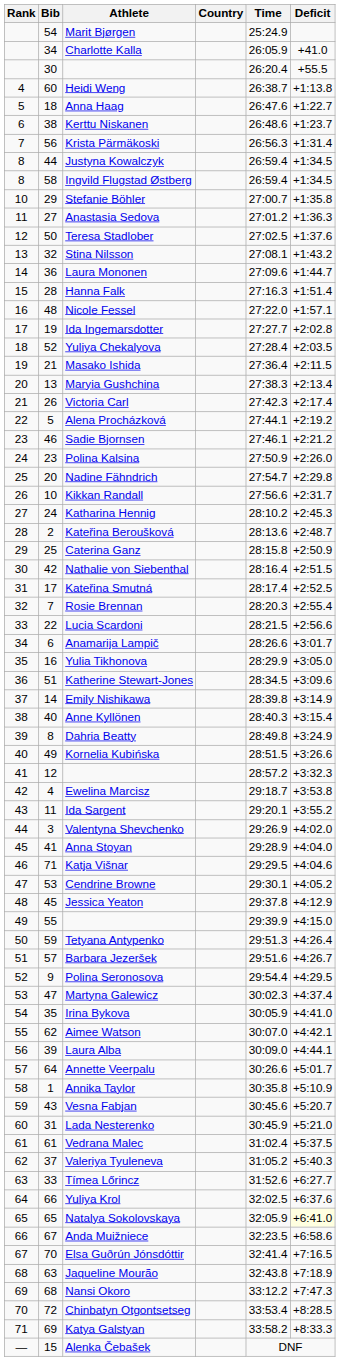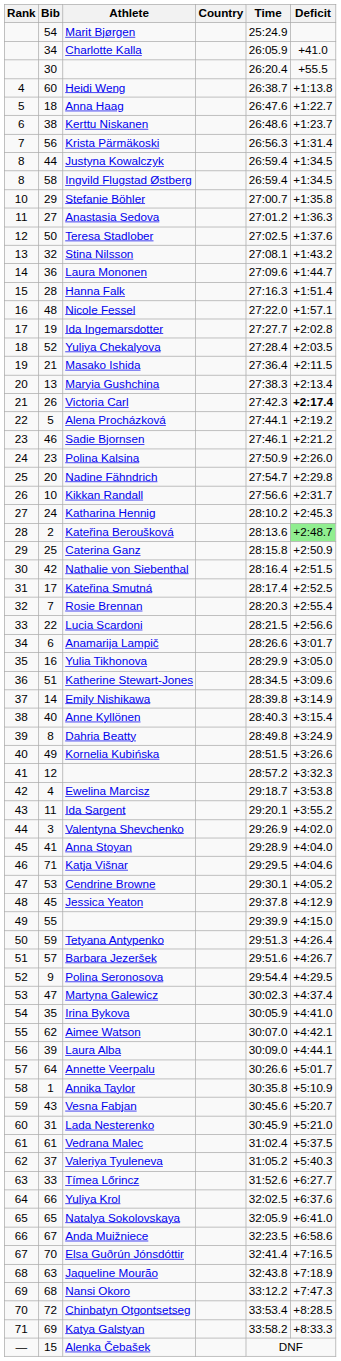 <table class="wikitable sortable" style="text-align:center">
 <tr>
 <th>Rank</th>
 <th>Bib</th>
 <th>Athlete</th>
 <th>Country</th>
 <th>Time</th>
 <th>Deficit</th>
 </tr>
 <tr>
 <td></td>
 <td>54</td>
 <td align=left><a href='#'>Marit Bjørgen</a></td>
 <td align=left></td>
 <td>25:24.9</td>
 <td></td>
 </tr>
 <tr>
 <td></td>
 <td>34</td>
 <td align=left><a href='#'>Charlotte Kalla</a></td>
 <td align=left></td>
 <td>26:05.9</td>
 <td>+41.0</td>
 </tr>
 <tr>
 <td></td>
 <td>30</td>
 <td align=left></td>
 <td align=left></td>
 <td>26:20.4</td>
 <td>+55.5</td>
 </tr>
 <tr>
 <td>4</td>
 <td>60</td>
 <td align=left><a href='#'>Heidi Weng</a></td>
 <td align=left></td>
 <td>26:38.7</td>
 <td>+1:13.8</td>
 </tr>
 <tr>
 <td>5</td>
 <td>18</td>
 <td align=left><a href='#'>Anna Haag</a></td>
 <td align=left></td>
 <td>26:47.6</td>
 <td>+1:22.7</td>
 </tr>
 <tr>
 <td>6</td>
 <td>38</td>
 <td align=left><a href='#'>Kerttu Niskanen</a></td>
 <td align=left></td>
 <td>26:48.6</td>
 <td>+1:23.7</td>
 </tr>
 <tr>
 <td>7</td>
 <td>56</td>
 <td align=left><a href='#'>Krista Pärmäkoski</a></td>
 <td align=left></td>
 <td>26:56.3</td>
 <td>+1:31.4</td>
 </tr>
 <tr>
 <td>8</td>
 <td>44</td>
 <td align=left><a href='#'>Justyna Kowalczyk</a></td>
 <td align=left></td>
 <td>26:59.4</td>
 <td>+1:34.5</td>
 </tr>
 <tr>
 <td>8</td>
 <td>58</td>
 <td align=left><a href='#'>Ingvild Flugstad Østberg</a></td>
 <td align=left></td>
 <td>26:59.4</td>
 <td>+1:34.5</td>
 </tr>
 <tr>
 <td>10</td>
 <td>29</td>
 <td align=left><a href='#'>Stefanie Böhler</a></td>
 <td align=left></td>
 <td>27:00.7</td>
 <td>+1:35.8</td>
 </tr>
 <tr>
 <td>11</td>
 <td>27</td>
 <td align=left><a href='#'>Anastasia Sedova</a></td>
 <td align=left></td>
 <td>27:01.2</td>
 <td>+1:36.3</td>
 </tr>
 <tr>
 <td>12</td>
 <td>50</td>
 <td align=left><a href='#'>Teresa Stadlober</a></td>
 <td align=left></td>
 <td>27:02.5</td>
 <td>+1:37.6</td>
 </tr>
 <tr>
 <td>13</td>
 <td>32</td>
 <td align=left><a href='#'>Stina Nilsson</a></td>
 <td align=left></td>
 <td>27:08.1</td>
 <td>+1:43.2</td>
 </tr>
 <tr>
 <td>14</td>
 <td>36</td>
 <td align=left><a href='#'>Laura Mononen</a></td>
 <td align=left></td>
 <td>27:09.6</td>
 <td>+1:44.7</td>
 </tr>
 <tr>
 <td>15</td>
 <td>28</td>
 <td align=left><a href='#'>Hanna Falk</a></td>
 <td align=left></td>
 <td>27:16.3</td>
 <td>+1:51.4</td>
 </tr>
 <tr>
 <td>16</td>
 <td>48</td>
 <td align=left><a href='#'>Nicole Fessel</a></td>
 <td align=left></td>
 <td>27:22.0</td>
 <td>+1:57.1</td>
 </tr>
 <tr>
 <td>17</td>
 <td>19</td>
 <td align=left><a href='#'>Ida Ingemarsdotter</a></td>
 <td align=left></td>
 <td>27:27.7</td>
 <td>+2:02.8</td>
 </tr>
 <tr>
 <td>18</td>
 <td>52</td>
 <td align=left><a href='#'>Yuliya Chekalyova</a></td>
 <td align=left></td>
 <td>27:28.4</td>
 <td>+2:03.5</td>
 </tr>
 <tr>
 <td>19</td>
 <td>21</td>
 <td align=left><a href='#'>Masako Ishida</a></td>
 <td align=left></td>
 <td>27:36.4</td>
 <td>+2:11.5</td>
 </tr>
 <tr>
 <td>20</td>
 <td>13</td>
 <td align=left><a href='#'>Maryia Gushchina</a></td>
 <td align=left></td>
 <td>27:38.3</td>
 <td>+2:13.4</td>
 </tr>
 <tr>
 <td>21</td>
 <td>26</td>
 <td align=left><a href='#'>Victoria Carl</a></td>
 <td align=left></td>
 <td>27:42.3</td>
-<td>+2:17.4</td>
+<td><strong>+2:17.4</strong></td>
 </tr>
 <tr>
 <td>22</td>
 <td>5</td>
 <td align=left><a href='#'>Alena Procházková</a></td>
 <td align=left></td>
 <td>27:44.1</td>
 <td>+2:19.2</td>
 </tr>
 <tr>
 <td>23</td>
 <td>46</td>
 <td align=left><a href='#'>Sadie Bjornsen</a></td>
 <td align=left></td>
 <td>27:46.1</td>
 <td>+2:21.2</td>
 </tr>
 <tr>
 <td>24</td>
 <td>23</td>
 <td align=left><a href='#'>Polina Kalsina</a></td>
 <td align=left></td>
 <td>27:50.9</td>
 <td>+2:26.0</td>
 </tr>
 <tr>
 <td>25</td>
 <td>20</td>
 <td align=left><a href='#'>Nadine Fähndrich</a></td>
 <td align=left></td>
 <td>27:54.7</td>
 <td>+2:29.8</td>
 </tr>
 <tr>
 <td>26</td>
 <td>10</td>
 <td align=left><a href='#'>Kikkan Randall</a></td>
 <td align=left></td>
 <td>27:56.6</td>
 <td>+2:31.7</td>
 </tr>
 <tr>
 <td>27</td>
 <td>24</td>
 <td align=left><a href='#'>Katharina Hennig</a></td>
 <td align=left></td>
 <td>28:10.2</td>
 <td>+2:45.3</td>
 </tr>
 <tr>
 <td>28</td>
 <td>2</td>
 <td align=left><a href='#'>Kateřina Beroušková</a></td>
 <td align=left></td>
 <td>28:13.6</td>
-<td>+2:48.7</td>
+<td style="background: lightgreen;">+2:48.7</td>
 </tr>
 <tr>
 <td>29</td>
 <td>25</td>
 <td align=left><a href='#'>Caterina Ganz</a></td>
 <td align=left></td>
 <td>28:15.8</td>
 <td>+2:50.9</td>
 </tr>
 <tr>
 <td>30</td>
 <td>42</td>
 <td align=left><a href='#'>Nathalie von Siebenthal</a></td>
 <td align=left></td>
 <td>28:16.4</td>
 <td>+2:51.5</td>
 </tr>
 <tr>
 <td>31</td>
 <td>17</td>
 <td align=left><a href='#'>Kateřina Smutná</a></td>
 <td align=left></td>
 <td>28:17.4</td>
 <td>+2:52.5</td>
 </tr>
 <tr>
 <td>32</td>
 <td>7</td>
 <td align=left><a href='#'>Rosie Brennan</a></td>
 <td align=left></td>
 <td>28:20.3</td>
 <td>+2:55.4</td>
 </tr>
 <tr>
 <td>33</td>
 <td>22</td>
 <td align=left><a href='#'>Lucia Scardoni</a></td>
 <td align=left></td>
 <td>28:21.5</td>
 <td>+2:56.6</td>
 </tr>
 <tr>
 <td>34</td>
 <td>6</td>
 <td align=left><a href='#'>Anamarija Lampič</a></td>
 <td align=left></td>
 <td>28:26.6</td>
 <td>+3:01.7</td>
 </tr>
 <tr>
 <td>35</td>
 <td>16</td>
 <td align=left><a href='#'>Yulia Tikhonova</a></td>
 <td align=left></td>
 <td>28:29.9</td>
 <td>+3:05.0</td>
 </tr>
 <tr>
 <td>36</td>
 <td>51</td>
 <td align=left><a href='#'>Katherine Stewart-Jones</a></td>
 <td align=left></td>
 <td>28:34.5</td>
 <td>+3:09.6</td>
 </tr>
 <tr>
 <td>37</td>
 <td>14</td>
 <td align=left><a href='#'>Emily Nishikawa</a></td>
 <td align=left></td>
 <td>28:39.8</td>
 <td>+3:14.9</td>
 </tr>
 <tr>
 <td>38</td>
 <td>40</td>
 <td align=left><a href='#'>Anne Kyllönen</a></td>
 <td align=left></td>
 <td>28:40.3</td>
 <td>+3:15.4</td>
 </tr>
 <tr>
 <td>39</td>
 <td>8</td>
 <td align=left><a href='#'>Dahria Beatty</a></td>
 <td align=left></td>
 <td>28:49.8</td>
 <td>+3:24.9</td>
 </tr>
 <tr>
 <td>40</td>
 <td>49</td>
 <td align=left><a href='#'>Kornelia Kubińska</a></td>
 <td align=left></td>
 <td>28:51.5</td>
 <td>+3:26.6</td>
 </tr>
 <tr>
 <td>41</td>
 <td>12</td>
 <td align=left></td>
 <td align=left></td>
 <td>28:57.2</td>
 <td>+3:32.3</td>
 </tr>
 <tr>
 <td>42</td>
 <td>4</td>
 <td align=left><a href='#'>Ewelina Marcisz</a></td>
 <td align=left></td>
 <td>29:18.7</td>
 <td>+3:53.8</td>
 </tr>
 <tr>
 <td>43</td>
 <td>11</td>
 <td align=left><a href='#'>Ida Sargent</a></td>
 <td align=left></td>
 <td>29:20.1</td>
 <td>+3:55.2</td>
 </tr>
 <tr>
 <td>44</td>
 <td>3</td>
 <td align=left><a href='#'>Valentyna Shevchenko</a></td>
 <td align=left></td>
 <td>29:26.9</td>
 <td>+4:02.0</td>
 </tr>
 <tr>
 <td>45</td>
 <td>41</td>
 <td align=left><a href='#'>Anna Stoyan</a></td>
 <td align=left></td>
 <td>29:28.9</td>
 <td>+4:04.0</td>
 </tr>
 <tr>
 <td>46</td>
 <td>71</td>
 <td align=left><a href='#'>Katja Višnar</a></td>
 <td align=left></td>
 <td>29:29.5</td>
 <td>+4:04.6</td>
 </tr>
 <tr>
 <td>47</td>
 <td>53</td>
 <td align=left><a href='#'>Cendrine Browne</a></td>
 <td align=left></td>
 <td>29:30.1</td>
 <td>+4:05.2</td>
 </tr>
 <tr>
 <td>48</td>
 <td>45</td>
 <td align=left><a href='#'>Jessica Yeaton</a></td>
 <td align=left></td>
 <td>29:37.8</td>
 <td>+4:12.9</td>
 </tr>
 <tr>
 <td>49</td>
 <td>55</td>
 <td align=left></td>
 <td align=left></td>
 <td>29:39.9</td>
 <td>+4:15.0</td>
 </tr>
 <tr>
 <td>50</td>
 <td>59</td>
 <td align=left><a href='#'>Tetyana Antypenko</a></td>
 <td align=left></td>
 <td>29:51.3</td>
 <td>+4:26.4</td>
 </tr>
 <tr>
 <td>51</td>
 <td>57</td>
 <td align=left><a href='#'>Barbara Jezeršek</a></td>
 <td align=left></td>
 <td>29:51.6</td>
 <td>+4:26.7</td>
 </tr>
 <tr>
 <td>52</td>
 <td>9</td>
 <td align=left><a href='#'>Polina Seronosova</a></td>
 <td align=left></td>
 <td>29:54.4</td>
 <td>+4:29.5</td>
 </tr>
 <tr>
 <td>53</td>
 <td>47</td>
 <td align=left><a href='#'>Martyna Galewicz</a></td>
 <td align=left></td>
 <td>30:02.3</td>
 <td>+4:37.4</td>
 </tr>
 <tr>
 <td>54</td>
 <td>35</td>
 <td align=left><a href='#'>Irina Bykova</a></td>
 <td align=left></td>
 <td>30:05.9</td>
 <td>+4:41.0</td>
 </tr>
 <tr>
 <td>55</td>
 <td>62</td>
 <td align=left><a href='#'>Aimee Watson</a></td>
 <td align=left></td>
 <td>30:07.0</td>
 <td>+4:42.1</td>
 </tr>
 <tr>
 <td>56</td>
 <td>39</td>
 <td align=left><a href='#'>Laura Alba</a></td>
 <td align=left></td>
 <td>30:09.0</td>
 <td>+4:44.1</td>
 </tr>
 <tr>
 <td>57</td>
 <td>64</td>
 <td align=left><a href='#'>Annette Veerpalu</a></td>
 <td align=left></td>
 <td>30:26.6</td>
 <td>+5:01.7</td>
 </tr>
 <tr>
 <td>58</td>
 <td>1</td>
 <td align=left><a href='#'>Annika Taylor</a></td>
 <td align=left></td>
 <td>30:35.8</td>
 <td>+5:10.9</td>
 </tr>
 <tr>
 <td>59</td>
 <td>43</td>
 <td align=left><a href='#'>Vesna Fabjan</a></td>
 <td align=left></td>
 <td>30:45.6</td>
 <td>+5:20.7</td>
 </tr>
 <tr>
 <td>60</td>
 <td>31</td>
 <td align=left><a href='#'>Lada Nesterenko</a></td>
 <td align=left></td>
 <td>30:45.9</td>
 <td>+5:21.0</td>
 </tr>
 <tr>
 <td>61</td>
 <td>61</td>
 <td align=left><a href='#'>Vedrana Malec</a></td>
 <td align=left></td>
 <td>31:02.4</td>
 <td>+5:37.5</td>
 </tr>
 <tr>
 <td>62</td>
 <td>37</td>
 <td align=left><a href='#'>Valeriya Tyuleneva</a></td>
 <td align=left></td>
 <td>31:05.2</td>
 <td>+5:40.3</td>
 </tr>
 <tr>
 <td>63</td>
 <td>33</td>
 <td align=left><a href='#'>Tímea Lőrincz</a></td>
 <td align=left></td>
 <td>31:52.6</td>
 <td>+6:27.7</td>
 </tr>
 <tr>
 <td>64</td>
 <td>66</td>
 <td align=left><a href='#'>Yuliya Krol</a></td>
 <td align=left></td>
 <td>32:02.5</td>
 <td>+6:37.6</td>
 </tr>
 <tr>
 <td>65</td>
 <td>65</td>
 <td align=left><a href='#'>Natalya Sokolovskaya</a></td>
 <td align=left></td>
 <td>32:05.9</td>
-<td style="background: lightyellow;">+6:41.0</td>
+<td>+6:41.0</td>
 </tr>
 <tr>
 <td>66</td>
 <td>67</td>
 <td align=left><a href='#'>Anda Muižniece</a></td>
 <td align=left></td>
 <td>32:23.5</td>
 <td>+6:58.6</td>
 </tr>
 <tr>
 <td>67</td>
 <td>70</td>
 <td align=left><a href='#'>Elsa Guðrún Jónsdóttir</a></td>
 <td align=left></td>
 <td>32:41.4</td>
 <td>+7:16.5</td>
 </tr>
 <tr>
 <td>68</td>
 <td>63</td>
 <td align=left><a href='#'>Jaqueline Mourão</a></td>
 <td align=left></td>
 <td>32:43.8</td>
 <td>+7:18.9</td>
 </tr>
 <tr>
 <td>69</td>
 <td>68</td>
 <td align=left><a href='#'>Nansi Okoro</a></td>
 <td align=left></td>
 <td>33:12.2</td>
 <td>+7:47.3</td>
 </tr>
 <tr>
 <td>70</td>
 <td>72</td>
 <td align=left><a href='#'>Chinbatyn Otgontsetseg</a></td>
 <td align=left></td>
 <td>33:53.4</td>
 <td>+8:28.5</td>
 </tr>
 <tr>
 <td>71</td>
 <td>69</td>
 <td align=left><a href='#'>Katya Galstyan</a></td>
 <td align=left></td>
 <td>33:58.2</td>
 <td>+8:33.3</td>
 </tr>
 <tr>
 <td>—</td>
 <td>15</td>
 <td align=left><a href='#'>Alenka Čebašek</a></td>
 <td align=left></td>
 <td colspan=2>DNF</td>
 </tr>
 </table>
